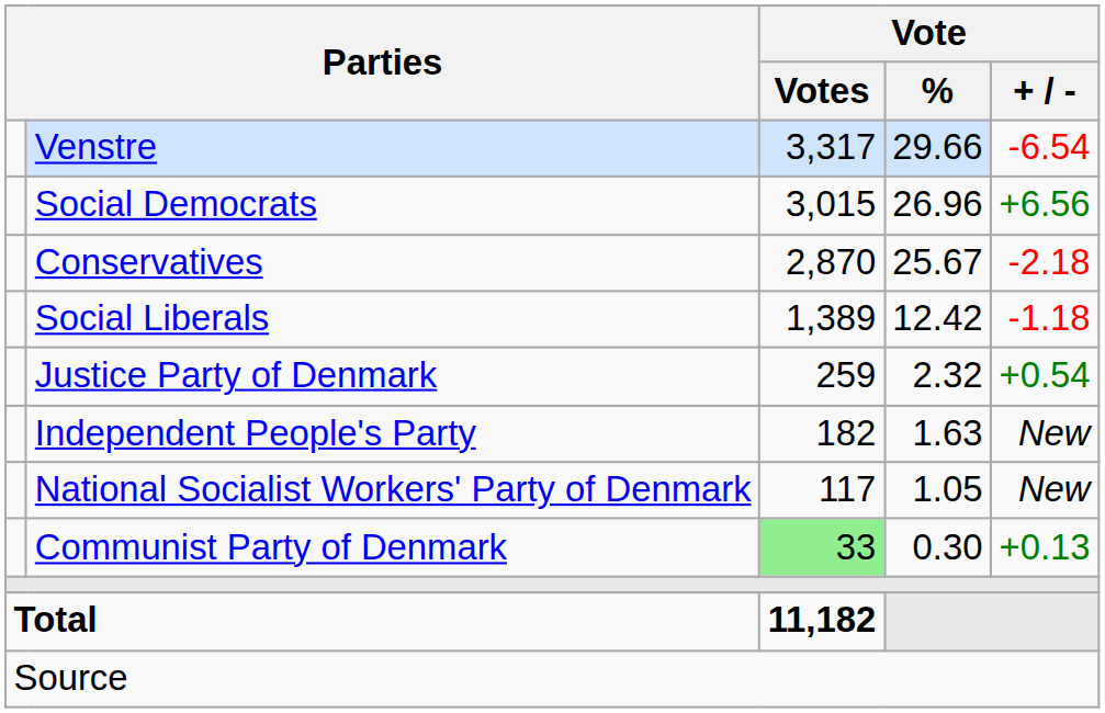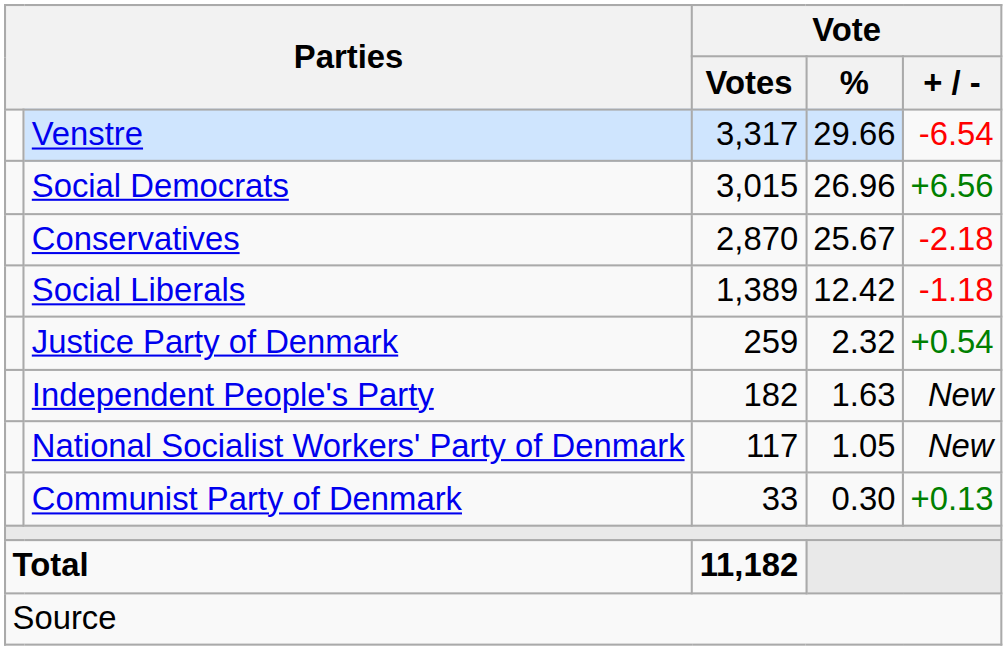 <table class="wikitable" style="text-align:right;">
 <tr>
 <th style="text-align:centre;" rowspan="2" colspan="2" width="225">Parties</th>
 <th colspan="3">Vote</th>
 </tr>
 <tr>
 <th width="15">Votes</th>
 <th width="15">%</th>
 <th width="15">+ / -</th>
 </tr>
 <tr>
 <td width="2" style="color:inherit;background:"></td>
 <td bgcolor=#cfe5fe  align="left"><a href='#'>Venstre</a></td>
 <td bgcolor=#cfe5fe>3,317</td>
 <td bgcolor=#cfe5fe>29.66</td>
 <td style=color:red;>-6.54</td>
 </tr>
 <tr>
 <td width="2" style="color:inherit;background:"></td>
 <td align="left"><a href='#'>Social Democrats</a></td>
 <td>3,015</td>
 <td>26.96</td>
 <td style=color:green;>+6.56</td>
 </tr>
 <tr>
 <td width="2" style="color:inherit;background:"></td>
 <td align="left"><a href='#'>Conservatives</a></td>
 <td>2,870</td>
 <td>25.67</td>
 <td style=color:red;>-2.18</td>
 </tr>
 <tr>
 <td width="2" style="color:inherit;background:"></td>
 <td align="left"><a href='#'>Social Liberals</a></td>
 <td>1,389</td>
 <td>12.42</td>
 <td style=color:red;>-1.18</td>
 </tr>
 <tr>
 <td width="2" style="color:inherit;background:"></td>
 <td align="left"><a href='#'>Justice Party of Denmark</a></td>
 <td>259</td>
 <td>2.32</td>
 <td style=color:green;>+0.54</td>
 </tr>
 <tr>
 <td width="2" style="color:inherit;background:"></td>
 <td align="left"><a href='#'>Independent People's Party</a></td>
 <td>182</td>
 <td>1.63</td>
 <td><em>New</em></td>
 </tr>
 <tr>
 <td width="2" style="color:inherit;background:"></td>
 <td align="left"><a href='#'>National Socialist Workers' Party of Denmark</a></td>
 <td>117</td>
 <td>1.05</td>
 <td><em>New</em></td>
 </tr>
 <tr>
 <td width="2" style="color:inherit;background:"></td>
 <td align="left"><a href='#'>Communist Party of Denmark</a></td>
-<td style="background: lightgreen;">33</td>
+<td>33</td>
 <td>0.30</td>
 <td style=color:green;>+0.13</td>
 </tr>
 <tr>
 <td colspan="7" bgcolor="#E9E9E9"></td>
 </tr>
 <tr>
 <td align="left" colspan="2"><strong>Total</strong></td>
 <td><strong>11,182</strong></td>
 <td bgcolor="#E9E9E9" colspan="2"></td>
 </tr>
 <tr>
 <td align="left" colspan="6">Source</td>
 </tr>
 </table>
